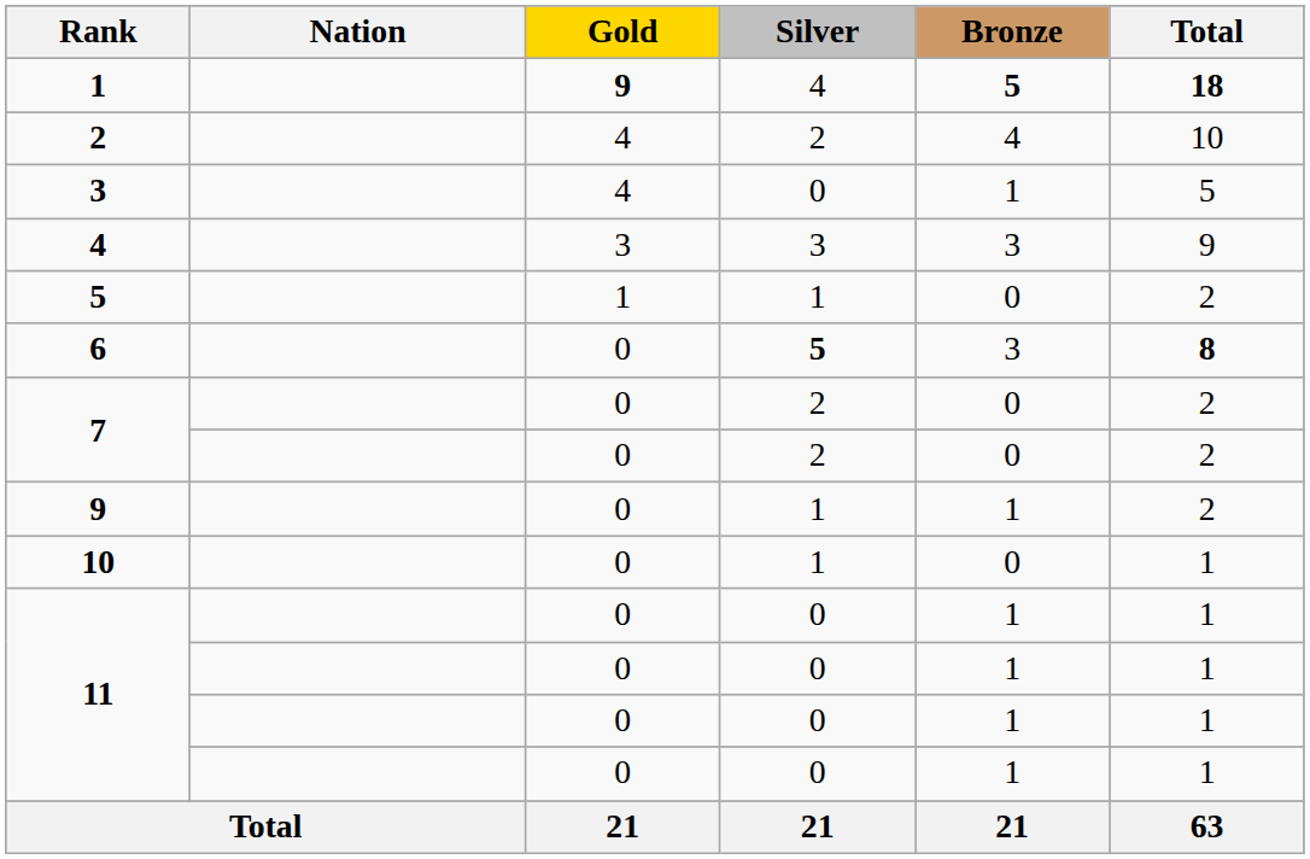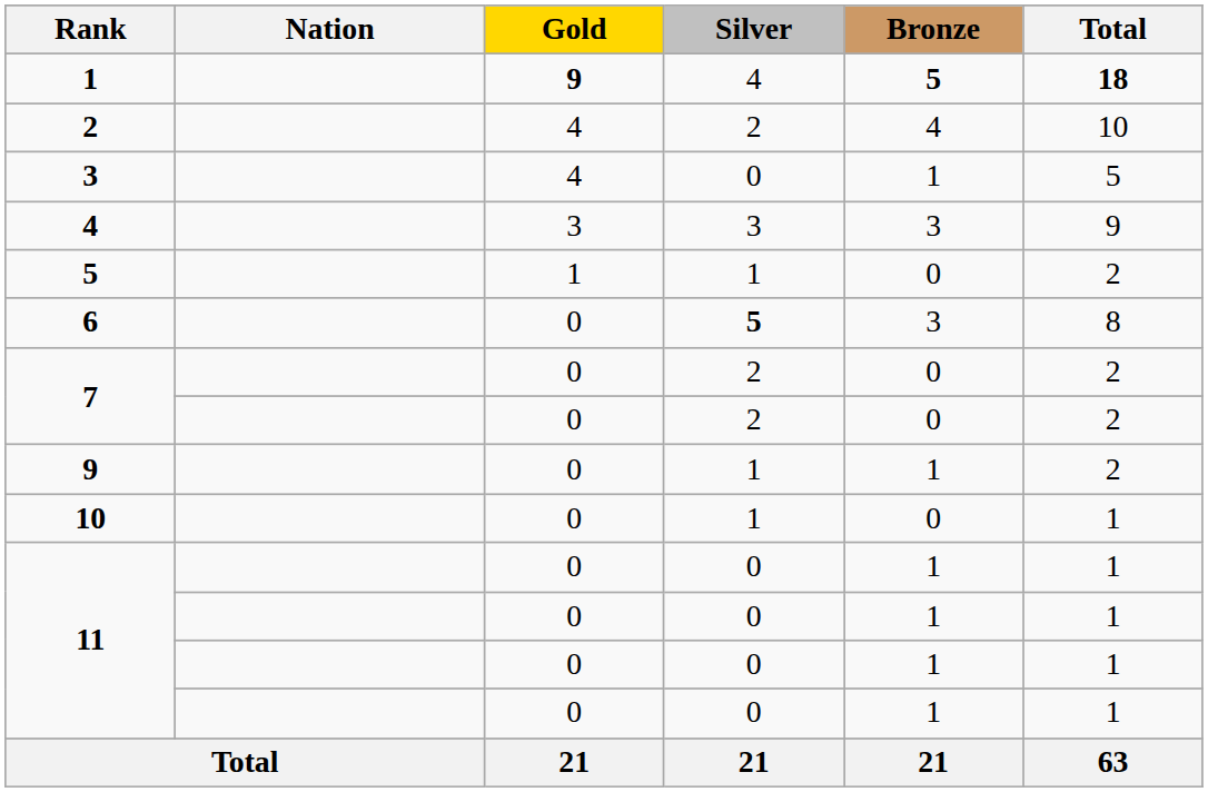 <table class="wikitable collapsible autocollapse plainrowheaders" width=70.5% style="text-align:center;">
 <tr style="background-color:#EDEDED;">
 <th width=100px class="hintergrundfarbe5">Rank</th>
 <th width=200px class="hintergrundfarbe6">Nation</th>
 <th style="background:    gold; width:15%">Gold</th>
 <th style="background:  silver; width:15%">Silver</th>
 <th style="background: #CC9966; width:15%">Bronze</th>
 <th class="hintergrundfarbe6" style="width:15%">Total</th>
 </tr>
 <tr>
 <td><strong>1</strong></td>
 <td align=left></td>
 <td><strong>9</strong></td>
 <td>4</td>
 <td><strong>5</strong></td>
 <td><strong>18</strong></td>
 </tr>
 <tr>
 <td><strong>2</strong></td>
 <td align=left></td>
 <td>4</td>
 <td>2</td>
 <td>4</td>
 <td>10</td>
 </tr>
 <tr>
 <td><strong>3</strong></td>
 <td align=left></td>
 <td>4</td>
 <td>0</td>
 <td>1</td>
 <td>5</td>
 </tr>
 <tr>
 <td><strong>4</strong></td>
 <td align=left><em></em></td>
 <td>3</td>
 <td>3</td>
 <td>3</td>
 <td>9</td>
 </tr>
 <tr>
 <td><strong>5</strong></td>
 <td align=left></td>
 <td>1</td>
 <td>1</td>
 <td>0</td>
 <td>2</td>
 </tr>
 <tr>
 <td><strong>6</strong></td>
 <td align=left></td>
 <td>0</td>
 <td><strong>5</strong></td>
 <td>3</td>
-<td><strong>8</strong></td>
+<td>8</td>
 </tr>
 <tr>
 <td rowspan=2><strong>7</strong></td>
 <td align=left></td>
 <td>0</td>
 <td>2</td>
 <td>0</td>
 <td>2</td>
 </tr>
 <tr>
 <td align=left></td>
 <td>0</td>
 <td>2</td>
 <td>0</td>
 <td>2</td>
 </tr>
 <tr>
 <td><strong>9</strong></td>
 <td align=left></td>
 <td>0</td>
 <td>1</td>
 <td>1</td>
 <td>2</td>
 </tr>
 <tr>
 <td><strong>10</strong></td>
 <td align=left><em></em></td>
 <td>0</td>
 <td>1</td>
 <td>0</td>
 <td>1</td>
 </tr>
 <tr>
 <td rowspan=4><strong>11</strong></td>
 <td align=left></td>
 <td>0</td>
 <td>0</td>
 <td>1</td>
 <td>1</td>
 </tr>
 <tr>
 <td align=left></td>
 <td>0</td>
 <td>0</td>
 <td>1</td>
 <td>1</td>
 </tr>
 <tr>
 <td align=left></td>
 <td>0</td>
 <td>0</td>
 <td>1</td>
 <td>1</td>
 </tr>
 <tr>
 <td align=left></td>
 <td>0</td>
 <td>0</td>
 <td>1</td>
 <td>1</td>
 </tr>
 <tr>
 <th colspan=2>Total</th>
 <th>21</th>
 <th>21</th>
 <th>21</th>
 <th>63</th>
 </tr>
 </table>
